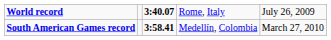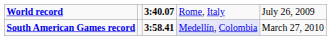 <table class="wikitable">
 <tr>
 <td><strong><a href='#'>World record</a></strong></td>
 <td></td>
 <td><strong>3:40.07</strong></td>
 <td><a href='#'>Rome</a>, <a href='#'>Italy</a></td>
 <td>July 26, 2009</td>
 </tr>
 <tr>
 <td><strong><a href='#'>South American Games record</a></strong></td>
 <td></td>
 <td><strong>3:58.41</strong></td>
-<td><a href='#'>Medellín</a>, <a href='#'>Colombia</a></td>
+<td style="background: lavender;"><a href='#'>Medellín</a>, <a href='#'>Colombia</a></td>
 <td>March 27, 2010</td>
 </tr>
 </table>
